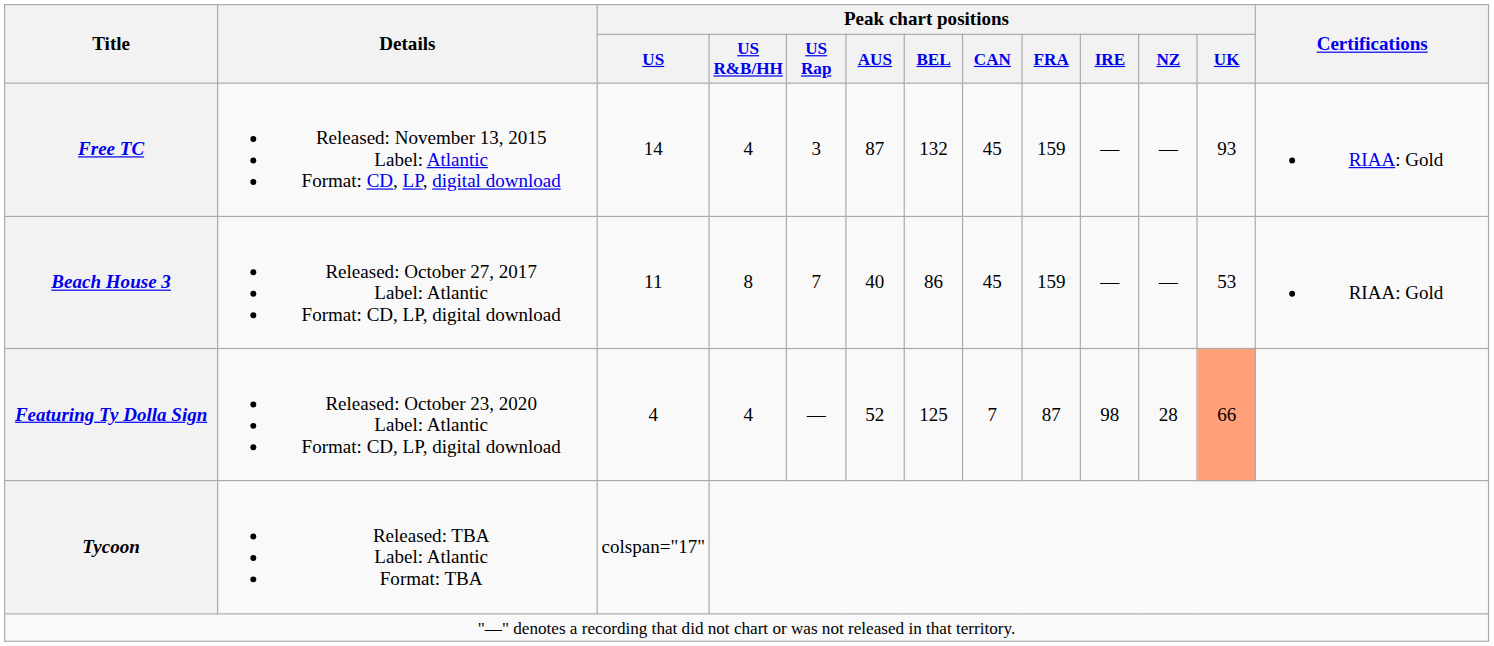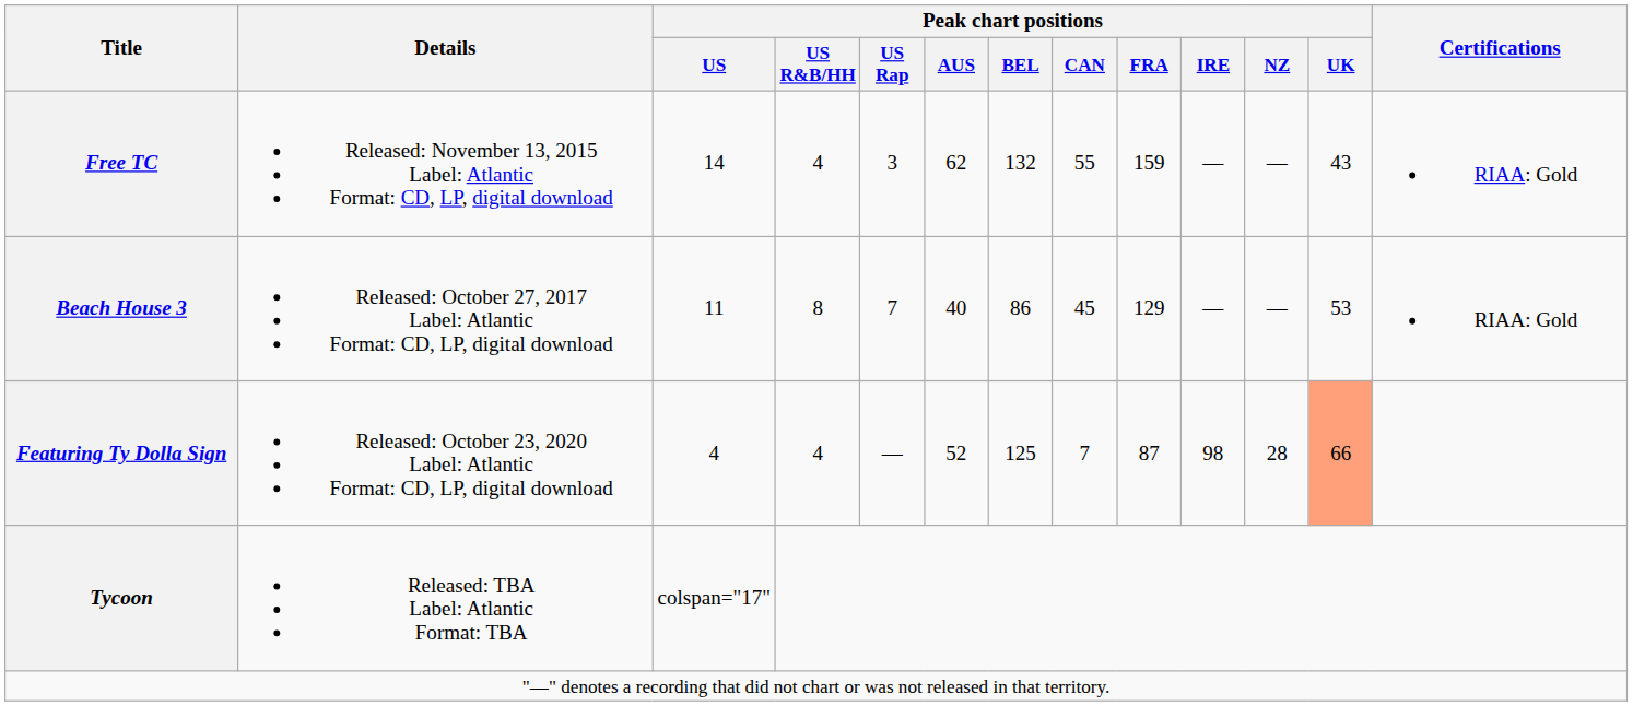 <table class="wikitable plainrowheaders" style="text-align:center;">
 <tr>
 <th scope="col" rowspan="2" style="width:11em;">Title</th>
 <th scope="col" rowspan="2" style="width:20em;">Details</th>
 <th scope="col" colspan="10">Peak chart positions</th>
 <th scope="col" rowspan="2" style="width:12em;"><a href='#'>Certifications</a></th>
 </tr>
 <tr>
 <th scope="col" style="width:3em;font-size:90%;"><a href='#'>US</a><br></th>
 <th scope="col" style="width:3em;font-size:90%;"><a href='#'>US<br>R&B/HH</a><br></th>
 <th scope="col" style="width:3em;font-size:90%;"><a href='#'>US<br>Rap</a><br></th>
 <th scope="col" style="width:3em;font-size:90%;"><a href='#'>AUS</a><br></th>
 <th scope="col" style="width:3em;font-size:90%;"><a href='#'>BEL</a><br></th>
 <th scope="col" style="width:3em;font-size:90%;"><a href='#'>CAN</a><br></th>
 <th scope="col" style="width:3em;font-size:90%;"><a href='#'>FRA</a><br></th>
 <th scope="col" style="width:3em;font-size:90%;"><a href='#'>IRE</a><br></th>
 <th scope="col" style="width:3em;font-size:90%;"><a href='#'>NZ</a><br></th>
 <th scope="col" style="width:3em;font-size:90%;"><a href='#'>UK</a><br></th>
 </tr>
 <tr>
 <th scope="row"><em><a href='#'>Free TC</a></em></th>
 <td><br><ul><li>Released: November 13, 2015</li><li>Label: <a href='#'>Atlantic</a></li><li>Format: <a href='#'>CD</a>, <a href='#'>LP</a>, <a href='#'>digital download</a></li></ul></td>
 <td>14</td>
 <td>4</td>
 <td>3</td>
-<td>87</td>
+<td>62</td>
 <td>132</td>
-<td>45</td>
+<td>55</td>
 <td>159</td>
 <td>—</td>
 <td>—</td>
-<td>93</td>
+<td>43</td>
 <td><br><ul><li><a href='#'>RIAA</a>: Gold</li></ul></td>
 </tr>
 <tr>
 <th scope="row"><em><a href='#'>Beach House 3</a></em></th>
 <td><br><ul><li>Released: October 27, 2017</li><li>Label: Atlantic</li><li>Format: CD, LP, digital download</li></ul></td>
 <td>11</td>
 <td>8</td>
 <td>7</td>
 <td>40</td>
 <td>86</td>
 <td>45</td>
-<td>159</td>
+<td>129</td>
 <td>—</td>
 <td>—</td>
 <td>53</td>
 <td><br><ul><li>RIAA: Gold</li></ul></td>
 </tr>
 <tr>
 <th scope="row"><em><a href='#'>Featuring Ty Dolla Sign</a></em></th>
 <td><br><ul><li>Released: October 23, 2020</li><li>Label: Atlantic</li><li>Format: CD, LP, digital download</li></ul></td>
 <td>4</td>
 <td>4</td>
 <td>—</td>
 <td>52</td>
 <td>125</td>
 <td>7</td>
 <td>87</td>
 <td>98</td>
 <td>28</td>
 <td style="background: lightsalmon;">66</td>
 <td></td>
 </tr>
 <tr>
 <th scope="row"><em>Tycoon</em></th>
 <td><br><ul><li>Released: TBA</li><li>Label: Atlantic</li><li>Format: TBA</li></ul></td>
 <td>colspan="17" </td>
 </tr>
 <tr>
 <td colspan="16" style="font-size:90%">"—" denotes a recording that did not chart or was not released in that territory.</td>
 </tr>
 </table>
